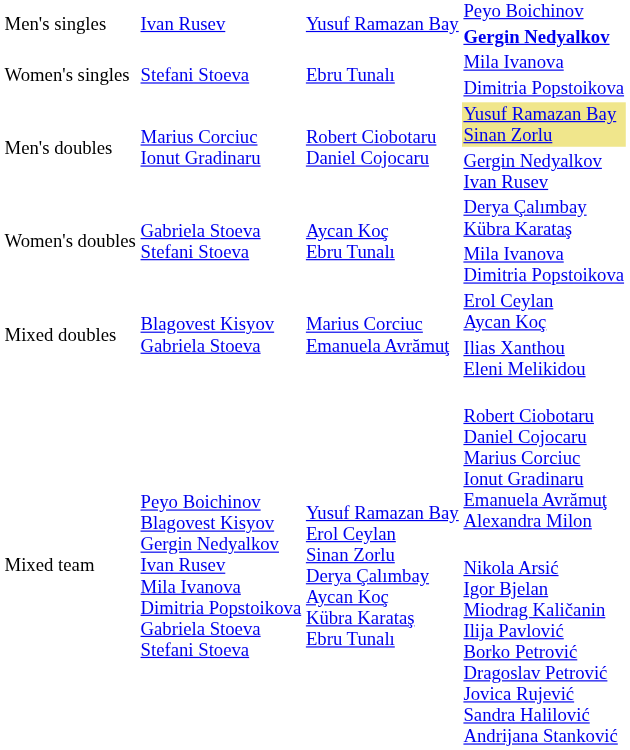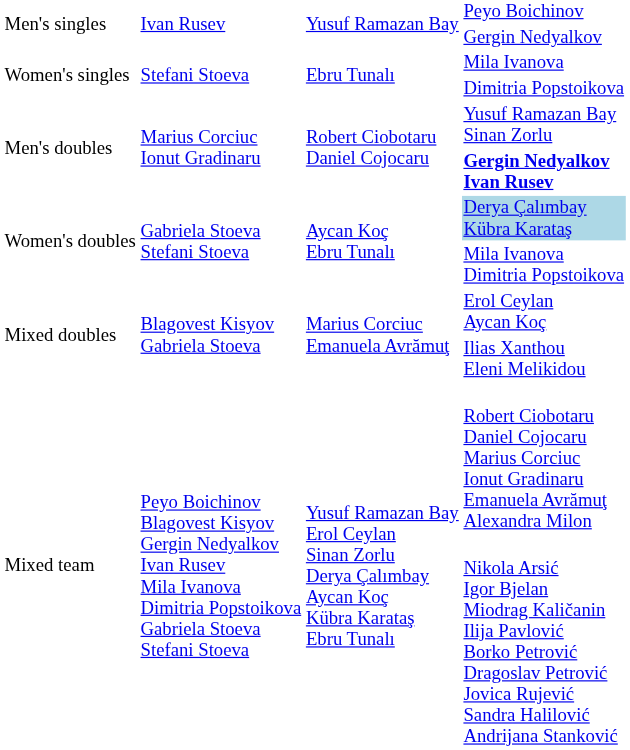 <table>
 <tr>
 <td rowspan="2">Men's singles</td>
 <td rowspan="2"> <a href='#'>Ivan Rusev</a></td>
 <td rowspan="2"> <a href='#'>Yusuf Ramazan Bay</a></td>
 <td> <a href='#'>Peyo Boichinov</a></td>
 </tr>
 <tr>
-<td><strong> <a href='#'>Gergin Nedyalkov</a></strong></td>
+<td> <a href='#'>Gergin Nedyalkov</a></td>
 </tr>
 <tr>
 <td rowspan="2">Women's singles</td>
 <td rowspan="2"> <a href='#'>Stefani Stoeva</a></td>
 <td rowspan="2"> <a href='#'>Ebru Tunalı</a></td>
 <td> <a href='#'>Mila Ivanova</a></td>
 </tr>
 <tr>
 <td> <a href='#'>Dimitria Popstoikova</a></td>
 </tr>
 <tr>
 <td rowspan="2">Men's doubles</td>
 <td rowspan="2"> <a href='#'>Marius Corciuc</a><br> <a href='#'>Ionut Gradinaru</a></td>
 <td rowspan="2"> <a href='#'>Robert Ciobotaru</a><br> <a href='#'>Daniel Cojocaru</a></td>
-<td style="background: khaki;"> <a href='#'>Yusuf Ramazan Bay</a><br> <a href='#'>Sinan Zorlu</a></td>
+<td> <a href='#'>Yusuf Ramazan Bay</a><br> <a href='#'>Sinan Zorlu</a></td>
 </tr>
 <tr>
-<td> <a href='#'>Gergin Nedyalkov</a><br> <a href='#'>Ivan Rusev</a></td>
+<td><strong> <a href='#'>Gergin Nedyalkov</a><br> <a href='#'>Ivan Rusev</a></strong></td>
 </tr>
 <tr>
 <td rowspan="2">Women's doubles</td>
 <td rowspan="2"> <a href='#'>Gabriela Stoeva</a><br> <a href='#'>Stefani Stoeva</a></td>
 <td rowspan="2"> <a href='#'>Aycan Koç</a><br> <a href='#'>Ebru Tunalı</a></td>
-<td> <a href='#'>Derya Çalımbay</a><br> <a href='#'>Kübra Karataş</a></td>
+<td style="background: lightblue;"> <a href='#'>Derya Çalımbay</a><br> <a href='#'>Kübra Karataş</a></td>
 </tr>
 <tr>
 <td> <a href='#'>Mila Ivanova</a><br> <a href='#'>Dimitria Popstoikova</a></td>
 </tr>
 <tr>
 <td rowspan="2">Mixed doubles</td>
 <td rowspan="2"> <a href='#'>Blagovest Kisyov</a><br> <a href='#'>Gabriela Stoeva</a></td>
 <td rowspan="2"> <a href='#'>Marius Corciuc</a><br> <a href='#'>Emanuela Avrămuţ</a></td>
 <td> <a href='#'>Erol Ceylan</a><br> <a href='#'>Aycan Koç</a></td>
 </tr>
 <tr>
 <td> <a href='#'>Ilias Xanthou</a><br> <a href='#'>Eleni Melikidou</a></td>
 </tr>
 <tr>
 <td rowspan="2">Mixed team</td>
 <td rowspan="2"><br><a href='#'>Peyo Boichinov</a><br><a href='#'>Blagovest Kisyov</a><br><a href='#'>Gergin Nedyalkov</a><br><a href='#'>Ivan Rusev</a><br><a href='#'>Mila Ivanova</a><br><a href='#'>Dimitria Popstoikova</a><br><a href='#'>Gabriela Stoeva</a><br><a href='#'>Stefani Stoeva</a></td>
 <td rowspan="2"><br><a href='#'>Yusuf Ramazan Bay</a><br><a href='#'>Erol Ceylan</a><br><a href='#'>Sinan Zorlu</a><br><a href='#'>Derya Çalımbay</a><br><a href='#'>Aycan Koç</a><br><a href='#'>Kübra Karataş</a><br><a href='#'>Ebru Tunalı</a></td>
 <td><br><a href='#'>Robert Ciobotaru</a><br><a href='#'>Daniel Cojocaru</a><br><a href='#'>Marius Corciuc</a><br><a href='#'>Ionut Gradinaru</a><br><a href='#'>Emanuela Avrămuţ</a><br><a href='#'>Alexandra Milon</a></td>
 </tr>
 <tr>
 <td><br><a href='#'>Nikola Arsić</a><br><a href='#'>Igor Bjelan</a><br><a href='#'>Miodrag Kaličanin</a><br><a href='#'>Ilija Pavlović</a><br><a href='#'>Borko Petrović</a><br><a href='#'>Dragoslav Petrović</a><br><a href='#'>Jovica Rujević</a><br><a href='#'>Sandra Halilović</a><br><a href='#'>Andrijana Stanković</a></td>
 </tr>
 </table>
